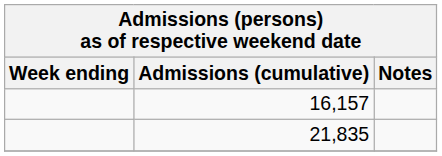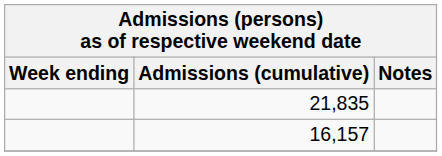 <table class="wikitable sortable">
 <tr>
 <th colspan="3">Admissions (persons)<br>as of respective weekend date</th>
 </tr>
 <tr>
 <th>Week ending</th>
 <th>Admissions (cumulative)</th>
 <th class="unsortable">Notes</th>
 </tr>
 <tr>
 <td></td>
-<td style="text-align:right;">16,157</td>
+<td style="text-align:right;">21,835</td>
 <td></td>
 </tr>
 <tr>
 <td></td>
-<td style="text-align:right;">21,835</td>
+<td style="text-align:right;">16,157</td>
 <td></td>
 </tr>
 <tr>
 </tr>
 </table>
